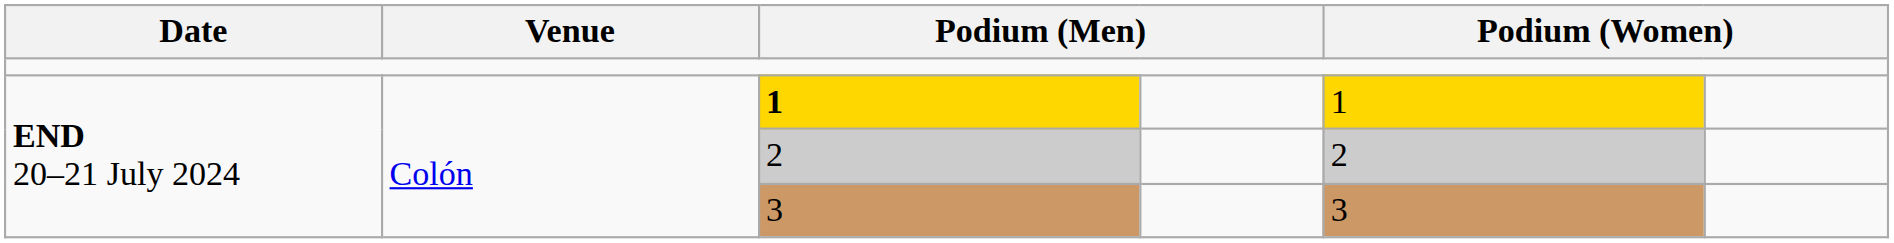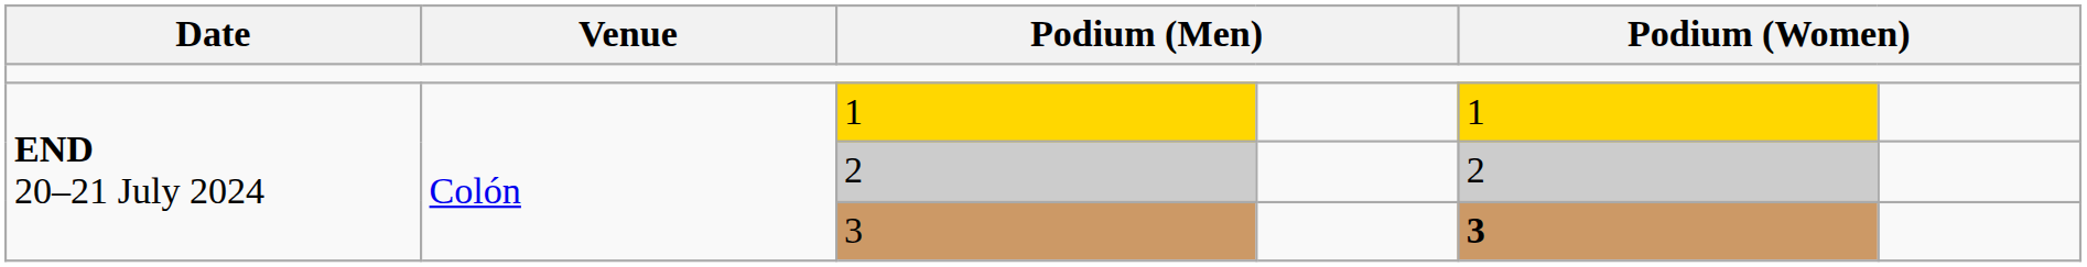 <table class="wikitable" width=70%>
 <tr>
 <th>Date</th>
 <th width=20%>Venue</th>
 <th colspan=2 width=30%>Podium (Men)</th>
 <th colspan=2 width=30%>Podium (Women)</th>
 </tr>
 <tr>
 <td colspan=6></td>
 </tr>
 <tr>
 <td rowspan=3><strong>END</strong> <br> 20–21 July 2024</td>
 <td rowspan=3><br><a href='#'>Colón</a></td>
-<td bgcolor=FFD700><strong>1</strong></td>
+<td bgcolor=FFD700>1</td>
 <td></td>
 <td bgcolor=FFD700>1</td>
 <td></td>
 </tr>
 <tr>
 <td bgcolor=CCCCCC>2</td>
 <td></td>
 <td bgcolor=CCCCCC>2</td>
 <td></td>
 </tr>
 <tr>
 <td bgcolor=CC9966>3</td>
 <td></td>
-<td bgcolor=CC9966>3</td>
+<td bgcolor=CC9966><strong>3</strong></td>
 <td></td>
 </tr>
 </table>
